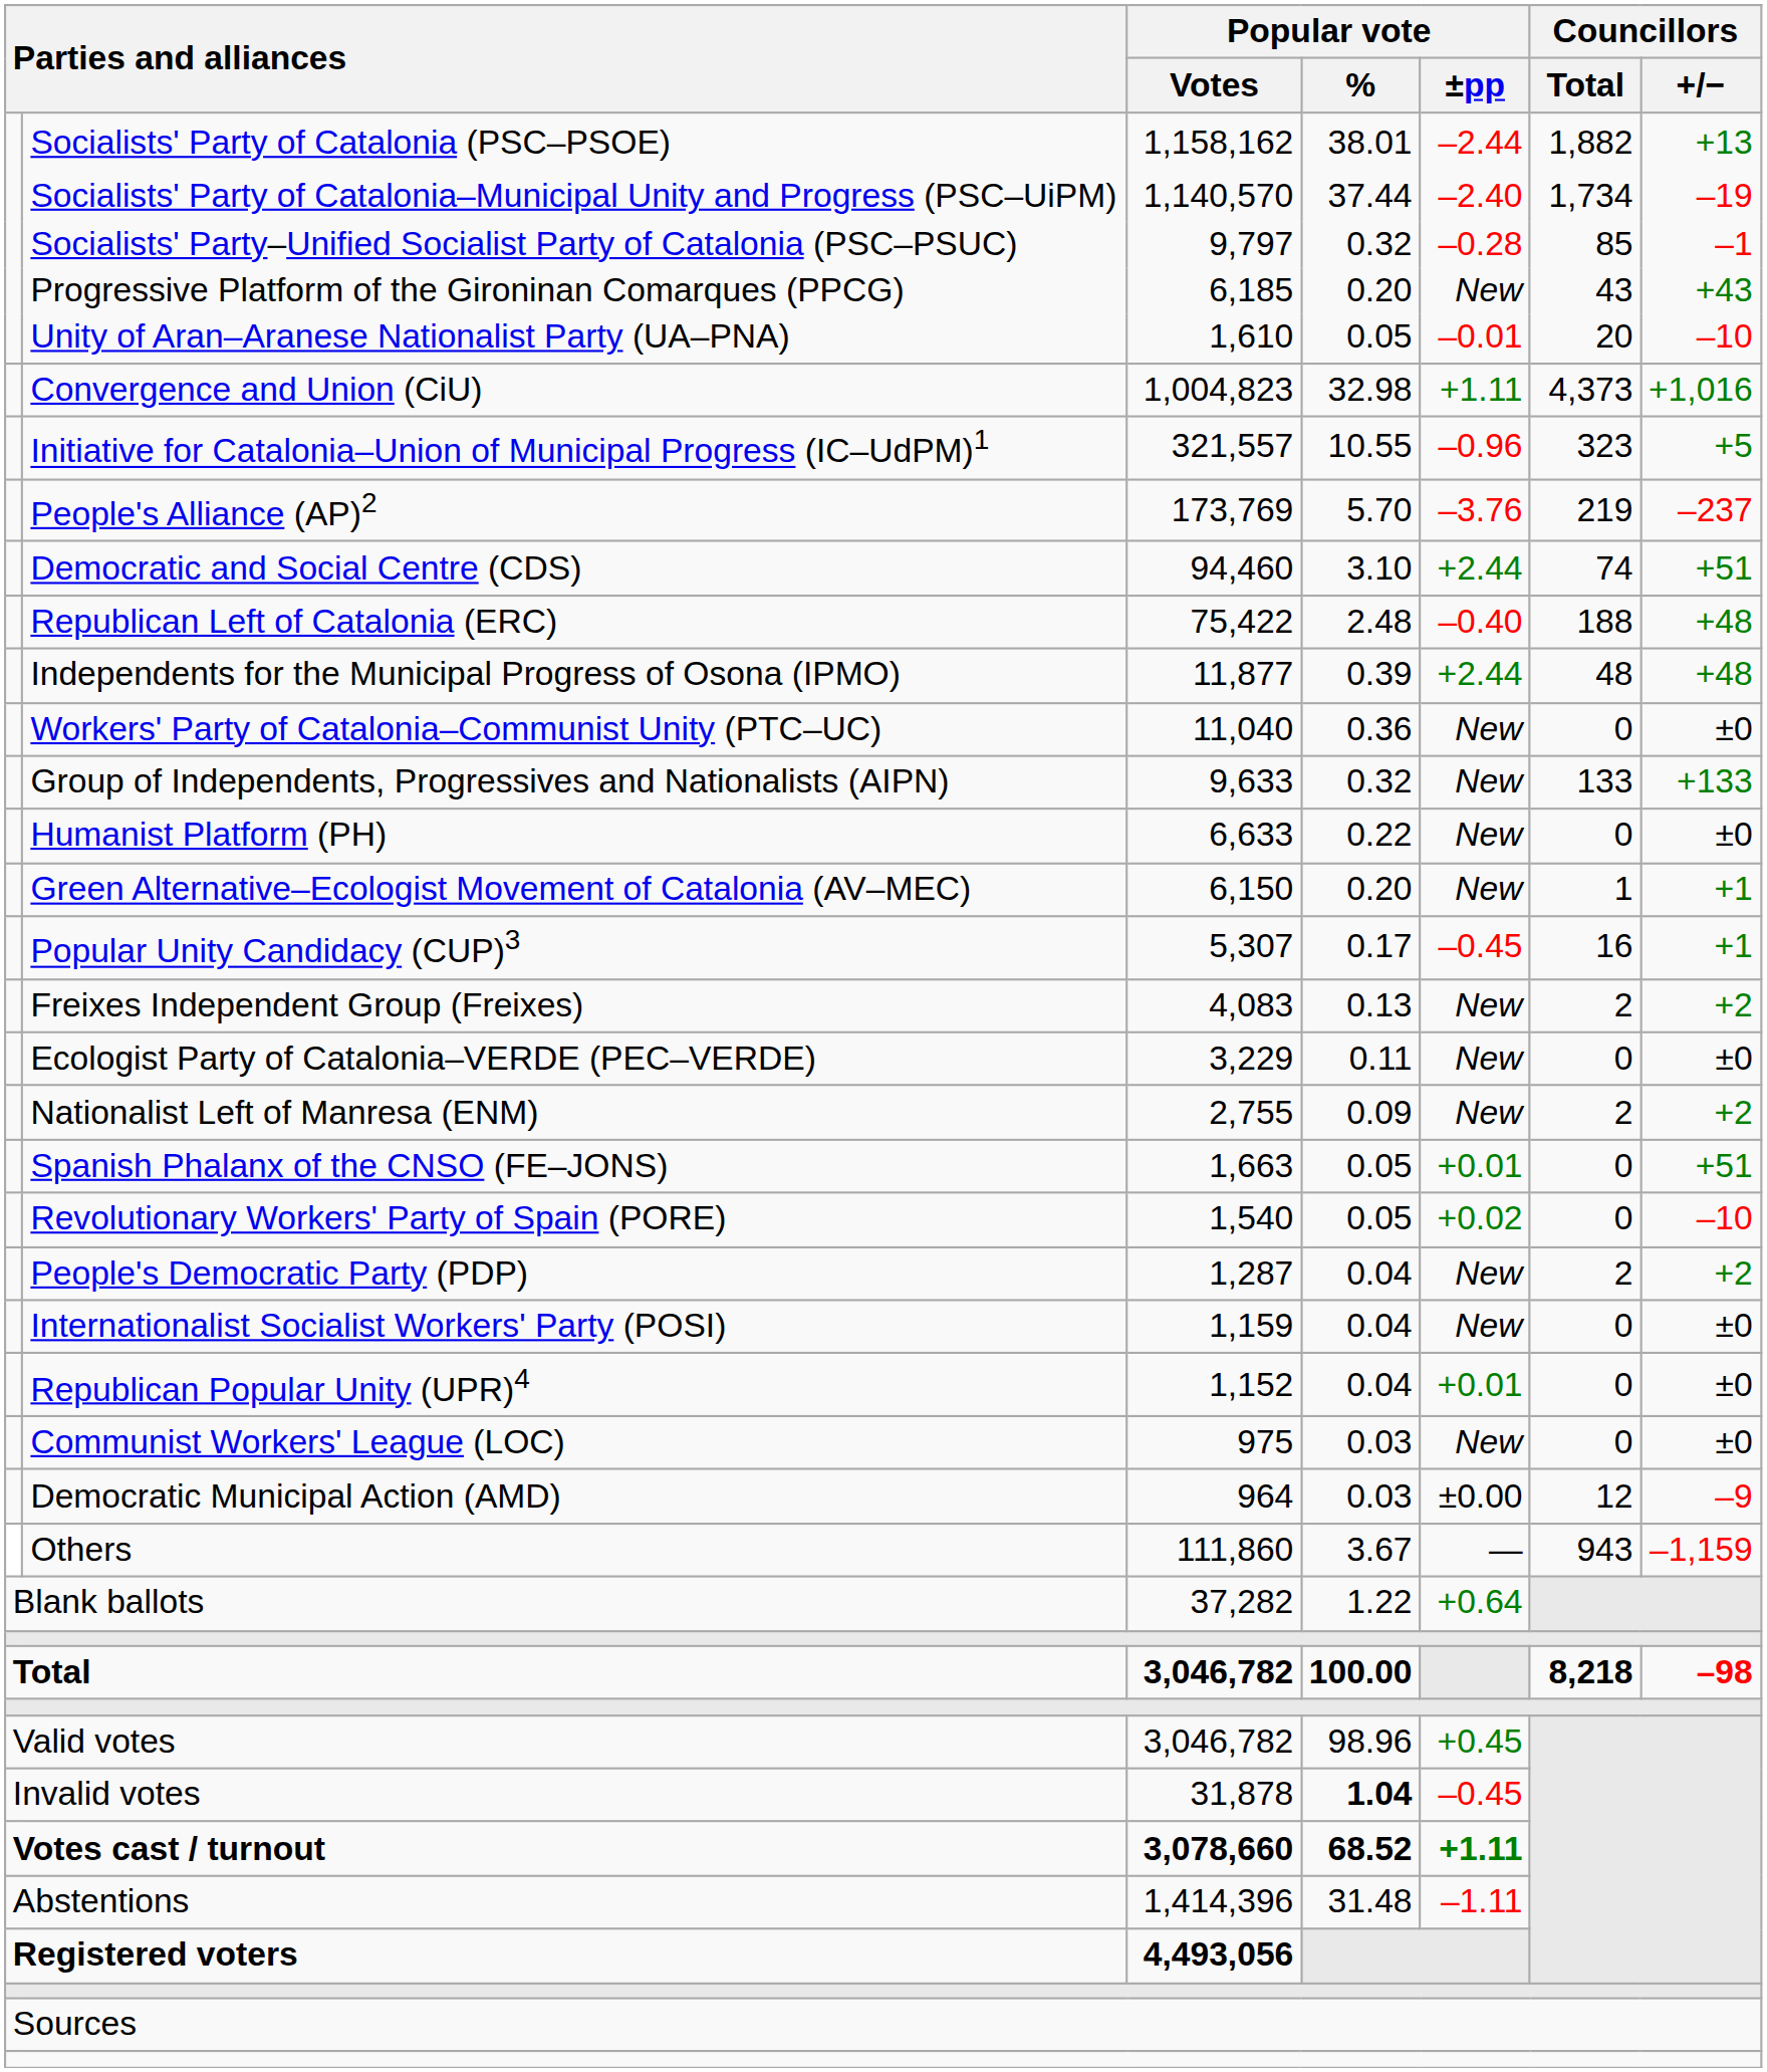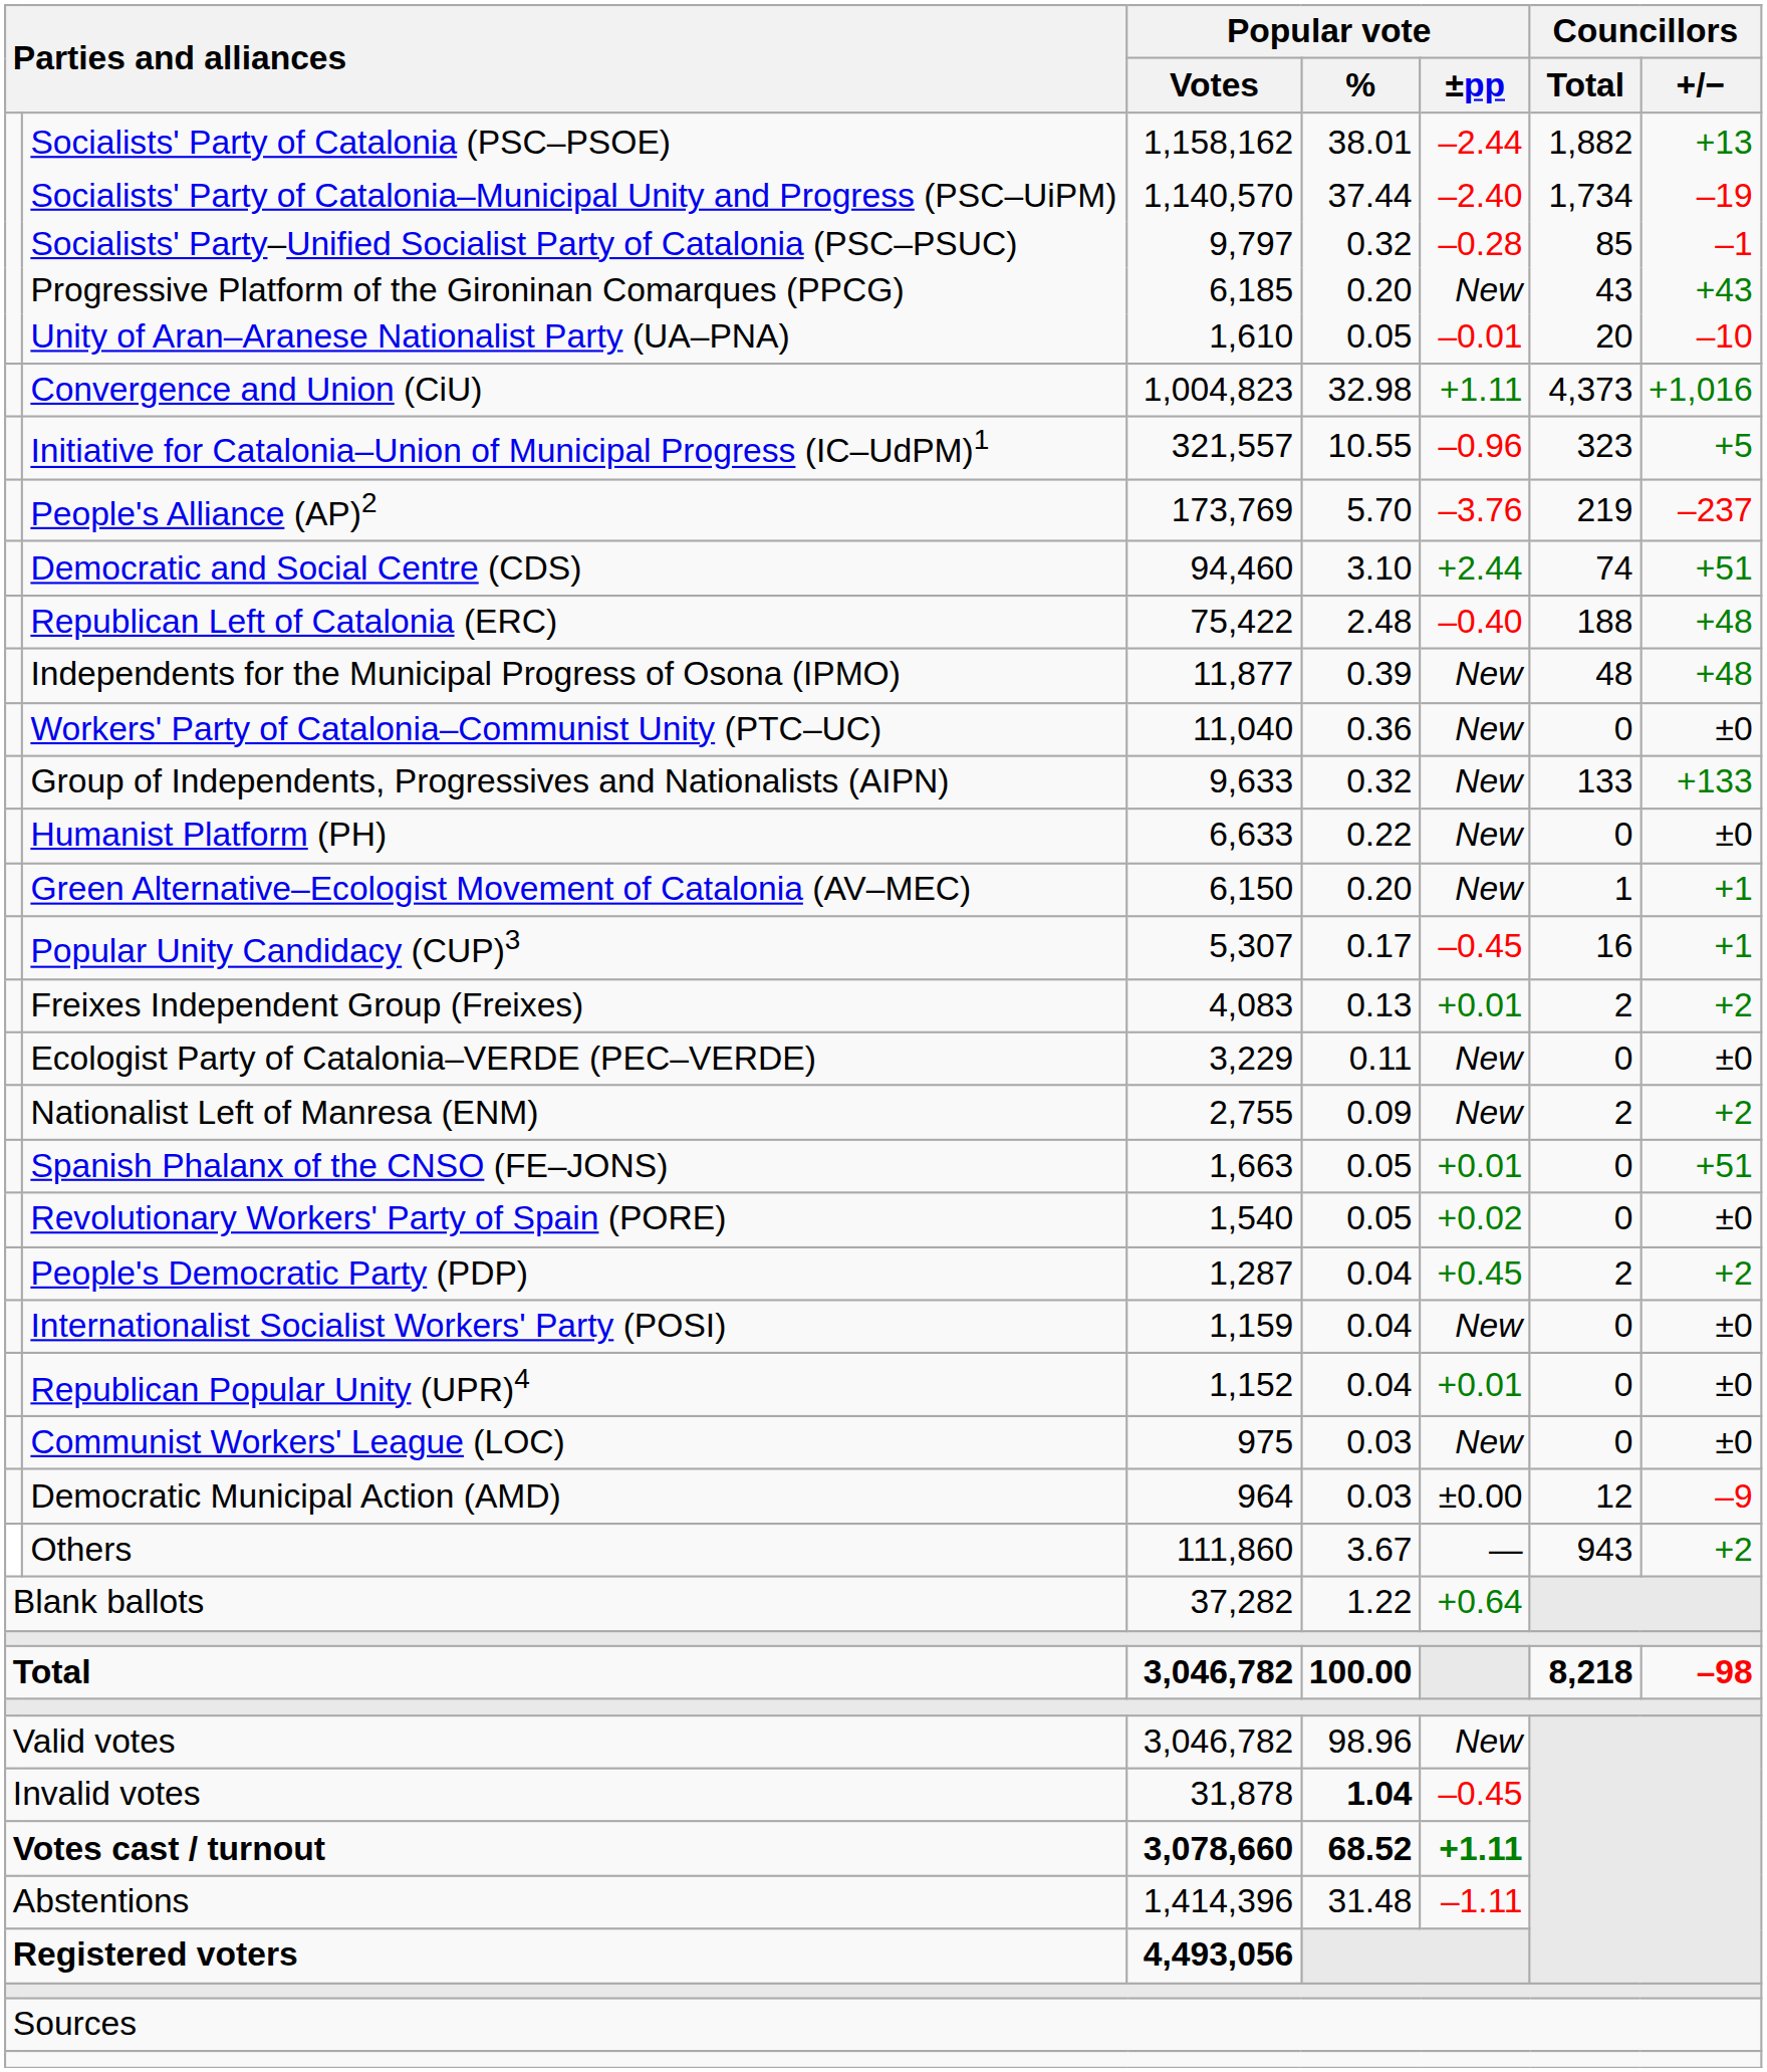 <table class="wikitable" style="text-align:right;">
 <tr>
 <th style="text-align:left;" rowspan="2" colspan="2" width="525">Parties and alliances</th>
 <th colspan="3">Popular vote</th>
 <th colspan="2">Councillors</th>
 </tr>
 <tr>
 <th width="75">Votes</th>
 <th width="45">%</th>
 <th width="45">±<a href='#'>pp</a></th>
 <th width="45">Total</th>
 <th width="45">+/−</th>
 </tr>
 <tr style="line-height:22px;">
 <td width="1" rowspan="5"></td>
 <td align="left"><a href='#'>Socialists' Party of Catalonia</a> (PSC–PSOE)</td>
 <td>1,158,162</td>
 <td>38.01</td>
 <td style="color:red;">–2.44</td>
 <td>1,882</td>
 <td style="color:green;">+13</td>
 </tr>
 <tr style="border-bottom-style:hidden; border-top-style:hidden; line-height:16px;">
 <td align="left"><span><a href='#'>Socialists' Party of Catalonia–Municipal Unity and Progress</a> (PSC–UiPM)</span></td>
 <td>1,140,570</td>
 <td>37.44</td>
 <td style="color:red;">–2.40</td>
 <td>1,734</td>
 <td style="color:red;">–19</td>
 </tr>
 <tr style="border-bottom-style:hidden; line-height:16px;">
 <td align="left"><span><a href='#'>Socialists' Party</a>–<a href='#'>Unified Socialist Party of Catalonia</a> (PSC–PSUC)</span></td>
 <td>9,797</td>
 <td>0.32</td>
 <td style="color:red;">–0.28</td>
 <td>85</td>
 <td style="color:red;">–1</td>
 </tr>
 <tr style="border-bottom-style:hidden; line-height:16px;">
 <td align="left"><span>Progressive Platform of the Gironinan Comarques (PPCG)</span></td>
 <td>6,185</td>
 <td>0.20</td>
 <td><em>New</em></td>
 <td>43</td>
 <td style="color:green;">+43</td>
 </tr>
 <tr style="line-height:16px;">
 <td align="left"><span><a href='#'>Unity of Aran–Aranese Nationalist Party</a> (UA–PNA)</span></td>
 <td>1,610</td>
 <td>0.05</td>
 <td style="color:red;">–0.01</td>
 <td>20</td>
 <td style="color:red;">–10</td>
 </tr>
 <tr>
 <td style="color:inherit;background:"></td>
 <td align="left"><a href='#'>Convergence and Union</a> (CiU)</td>
 <td>1,004,823</td>
 <td>32.98</td>
 <td style="color:green;">+1.11</td>
 <td>4,373</td>
 <td style="color:green;">+1,016</td>
 </tr>
 <tr>
 <td style="color:inherit;background:"></td>
 <td align="left"><a href='#'>Initiative for Catalonia–Union of Municipal Progress</a> (IC–UdPM)<sup>1</sup></td>
 <td>321,557</td>
 <td>10.55</td>
 <td style="color:red;">–0.96</td>
 <td>323</td>
 <td style="color:green;">+5</td>
 </tr>
 <tr>
 <td style="color:inherit;background:"></td>
 <td align="left"><a href='#'>People's Alliance</a> (AP)<sup>2</sup></td>
 <td>173,769</td>
 <td>5.70</td>
 <td style="color:red;">–3.76</td>
 <td>219</td>
 <td style="color:red;">–237</td>
 </tr>
 <tr>
 <td style="color:inherit;background:"></td>
 <td align="left"><a href='#'>Democratic and Social Centre</a> (CDS)</td>
 <td>94,460</td>
 <td>3.10</td>
 <td style="color:green;">+2.44</td>
 <td>74</td>
 <td style="color:green;">+51</td>
 </tr>
 <tr>
 <td style="color:inherit;background:"></td>
 <td align="left"><a href='#'>Republican Left of Catalonia</a> (ERC)</td>
 <td>75,422</td>
 <td>2.48</td>
 <td style="color:red;">–0.40</td>
 <td>188</td>
 <td style="color:green;">+48</td>
 </tr>
 <tr>
 <td style="color:inherit;background:"></td>
 <td align="left">Independents for the Municipal Progress of Osona (IPMO)</td>
 <td>11,877</td>
 <td>0.39</td>
-<td style="color:green;">+2.44</td>
+<td><em>New</em></td>
 <td>48</td>
 <td style="color:green;">+48</td>
 </tr>
 <tr>
 <td style="color:inherit;background:"></td>
 <td align="left"><a href='#'>Workers' Party of Catalonia–Communist Unity</a> (PTC–UC)</td>
 <td>11,040</td>
 <td>0.36</td>
 <td><em>New</em></td>
 <td>0</td>
 <td>±0</td>
 </tr>
 <tr>
 <td style="color:inherit;background:"></td>
 <td align="left">Group of Independents, Progressives and Nationalists (AIPN)</td>
 <td>9,633</td>
 <td>0.32</td>
 <td><em>New</em></td>
 <td>133</td>
 <td style="color:green;">+133</td>
 </tr>
 <tr>
 <td style="color:inherit;background:"></td>
 <td align="left"><a href='#'>Humanist Platform</a> (PH)</td>
 <td>6,633</td>
 <td>0.22</td>
 <td><em>New</em></td>
 <td>0</td>
 <td>±0</td>
 </tr>
 <tr>
 <td style="color:inherit;background:"></td>
 <td align="left"><a href='#'>Green Alternative–Ecologist Movement of Catalonia</a> (AV–MEC)</td>
 <td>6,150</td>
 <td>0.20</td>
 <td><em>New</em></td>
 <td>1</td>
 <td style="color:green;">+1</td>
 </tr>
 <tr>
 <td style="color:inherit;background:"></td>
 <td align="left"><a href='#'>Popular Unity Candidacy</a> (CUP)<sup>3</sup></td>
 <td>5,307</td>
 <td>0.17</td>
 <td style="color:red;">–0.45</td>
 <td>16</td>
 <td style="color:green;">+1</td>
 </tr>
 <tr>
 <td style="color:inherit;background:"></td>
 <td align="left">Freixes Independent Group (Freixes)</td>
 <td>4,083</td>
 <td>0.13</td>
-<td><em>New</em></td>
+<td style="color:green;">+0.01</td>
 <td>2</td>
 <td style="color:green;">+2</td>
 </tr>
 <tr>
 <td style="color:inherit;background:"></td>
 <td align="left">Ecologist Party of Catalonia–VERDE (PEC–VERDE)</td>
 <td>3,229</td>
 <td>0.11</td>
 <td><em>New</em></td>
 <td>0</td>
 <td>±0</td>
 </tr>
 <tr>
 <td style="color:inherit;background:"></td>
 <td align="left">Nationalist Left of Manresa (ENM)</td>
 <td>2,755</td>
 <td>0.09</td>
 <td><em>New</em></td>
 <td>2</td>
 <td style="color:green;">+2</td>
 </tr>
 <tr>
 <td style="color:inherit;background:"></td>
 <td align="left"><a href='#'>Spanish Phalanx of the CNSO</a> (FE–JONS)</td>
 <td>1,663</td>
 <td>0.05</td>
 <td style="color:green;">+0.01</td>
 <td>0</td>
 <td style="color:green;">+51</td>
 </tr>
 <tr>
 <td style="color:inherit;background:"></td>
 <td align="left"><a href='#'>Revolutionary Workers' Party of Spain</a> (PORE)</td>
 <td>1,540</td>
 <td>0.05</td>
 <td style="color:green;">+0.02</td>
 <td>0</td>
-<td style="color:red;">–10</td>
+<td>±0</td>
 </tr>
 <tr>
 <td style="color:inherit;background:"></td>
 <td align="left"><a href='#'>People's Democratic Party</a> (PDP)</td>
 <td>1,287</td>
 <td>0.04</td>
-<td><em>New</em></td>
+<td style="color:green;">+0.45</td>
 <td>2</td>
 <td style="color:green;">+2</td>
 </tr>
 <tr>
 <td style="color:inherit;background:"></td>
 <td align="left"><a href='#'>Internationalist Socialist Workers' Party</a> (POSI)</td>
 <td>1,159</td>
 <td>0.04</td>
 <td><em>New</em></td>
 <td>0</td>
 <td>±0</td>
 </tr>
 <tr>
 <td style="color:inherit;background:"></td>
 <td align="left"><a href='#'>Republican Popular Unity</a> (UPR)<sup>4</sup></td>
 <td>1,152</td>
 <td>0.04</td>
 <td style="color:green;">+0.01</td>
 <td>0</td>
 <td>±0</td>
 </tr>
 <tr>
 <td style="color:inherit;background:"></td>
 <td align="left"><a href='#'>Communist Workers' League</a> (LOC)</td>
 <td>975</td>
 <td>0.03</td>
 <td><em>New</em></td>
 <td>0</td>
 <td>±0</td>
 </tr>
 <tr>
 <td style="color:inherit;background:"></td>
 <td align="left">Democratic Municipal Action (AMD)</td>
 <td>964</td>
 <td>0.03</td>
 <td>±0.00</td>
 <td>12</td>
 <td style="color:red;">–9</td>
 </tr>
 <tr>
 <td bgcolor="white"></td>
 <td align="left">Others</td>
 <td>111,860</td>
 <td>3.67</td>
 <td>—</td>
 <td>943</td>
-<td style="color:red;">–1,159</td>
+<td style="color:green;">+2</td>
 </tr>
 <tr>
 <td align="left" colspan="2">Blank ballots</td>
 <td>37,282</td>
 <td>1.22</td>
 <td style="color:green;">+0.64</td>
 <td style="color:inherit;background:#E9E9E9" colspan="2"></td>
 </tr>
 <tr>
 <td colspan="7" style="color:inherit;background:#E9E9E9"></td>
 </tr>
 <tr style="font-weight:bold;">
 <td align="left" colspan="2">Total</td>
 <td>3,046,782</td>
 <td>100.00</td>
 <td bgcolor="#E9E9E9"></td>
 <td>8,218</td>
 <td style="color:red;">–98</td>
 </tr>
 <tr>
 <td colspan="7" style="color:inherit;background:#E9E9E9"></td>
 </tr>
 <tr>
 <td align="left" colspan="2">Valid votes</td>
 <td>3,046,782</td>
 <td>98.96</td>
-<td style="color:green;">+0.45</td>
+<td><em>New</em></td>
 <td bgcolor="#E9E9E9" colspan="2" rowspan="5"></td>
 </tr>
 <tr>
 <td align="left" colspan="2">Invalid votes</td>
 <td>31,878</td>
 <td><strong>1.04</strong></td>
 <td style="color:red;">–0.45</td>
 </tr>
 <tr style="font-weight:bold;">
 <td align="left" colspan="2">Votes cast / turnout</td>
 <td>3,078,660</td>
 <td>68.52</td>
 <td style="color:green;">+1.11</td>
 </tr>
 <tr>
 <td align="left" colspan="2">Abstentions</td>
 <td>1,414,396</td>
 <td>31.48</td>
 <td style="color:red;">–1.11</td>
 </tr>
 <tr style="font-weight:bold;">
 <td align="left" colspan="2">Registered voters</td>
 <td>4,493,056</td>
 <td bgcolor="#E9E9E9" colspan="2"></td>
 </tr>
 <tr>
 <td colspan="7" style="color:inherit;background:#E9E9E9"></td>
 </tr>
 <tr>
 <td align="left" colspan="7">Sources</td>
 </tr>
 <tr>
 <td colspan="7" style="text-align:left; max-width:790px;"></td>
 </tr>
 </table>
